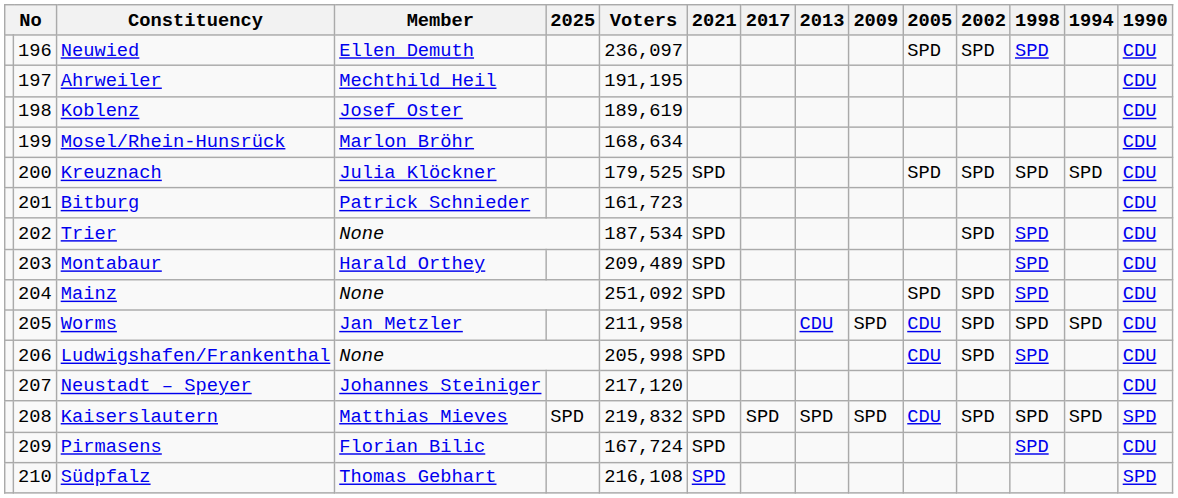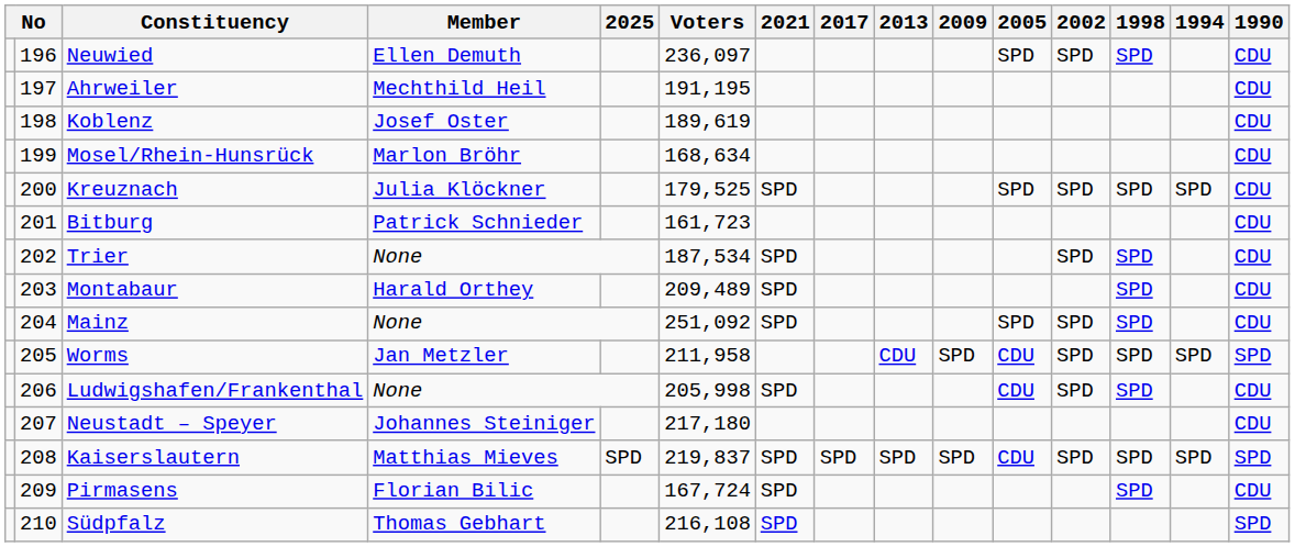 <table class="wikitable sortable">
 <tr>
 <th colspan=2>No</th>
 <th>Constituency</th>
 <th>Member</th>
 <th>2025</th>
 <th>Voters</th>
 <th>2021</th>
 <th>2017</th>
 <th>2013</th>
 <th>2009</th>
 <th>2005</th>
 <th>2002</th>
 <th>1998</th>
 <th>1994</th>
 <th>1990</th>
 </tr>
 <tr>
 <td style="background-color: "></td>
 <td>196</td>
 <td><a href='#'>Neuwied</a></td>
 <td><a href='#'>Ellen Demuth</a></td>
 <td bgcolor=></td>
 <td>236,097</td>
 <td></td>
 <td></td>
 <td></td>
 <td></td>
 <td bgcolor=>SPD</td>
 <td bgcolor=>SPD</td>
 <td><a href='#'>SPD</a></td>
 <td></td>
 <td><a href='#'>CDU</a></td>
 </tr>
 <tr>
 <td style="background-color: "></td>
 <td>197</td>
 <td><a href='#'>Ahrweiler</a></td>
 <td><a href='#'>Mechthild Heil</a></td>
 <td bgcolor=></td>
 <td>191,195</td>
 <td></td>
 <td></td>
 <td></td>
 <td></td>
 <td></td>
 <td></td>
 <td></td>
 <td></td>
 <td><a href='#'>CDU</a></td>
 </tr>
 <tr>
 <td style="background-color: "></td>
 <td>198</td>
 <td><a href='#'>Koblenz</a></td>
 <td><a href='#'>Josef Oster</a></td>
 <td bgcolor=></td>
 <td>189,619</td>
 <td></td>
 <td></td>
 <td></td>
 <td></td>
 <td></td>
 <td></td>
 <td></td>
 <td></td>
 <td><a href='#'>CDU</a></td>
 </tr>
 <tr>
 <td style="background-color: "></td>
 <td>199</td>
 <td><a href='#'>Mosel/Rhein-Hunsrück</a></td>
 <td><a href='#'>Marlon Bröhr</a></td>
 <td bgcolor=></td>
 <td>168,634</td>
 <td></td>
 <td></td>
 <td></td>
 <td></td>
 <td bgcolor=></td>
 <td bgcolor=></td>
 <td bgcolor=></td>
 <td></td>
 <td><a href='#'>CDU</a></td>
 </tr>
 <tr>
 <td style="background-color: "></td>
 <td>200</td>
 <td><a href='#'>Kreuznach</a></td>
 <td><a href='#'>Julia Klöckner</a></td>
 <td></td>
 <td>179,525</td>
 <td bgcolor=>SPD</td>
 <td></td>
 <td></td>
 <td></td>
 <td bgcolor=>SPD</td>
 <td bgcolor=>SPD</td>
 <td bgcolor=>SPD</td>
 <td bgcolor=>SPD</td>
 <td><a href='#'>CDU</a></td>
 </tr>
 <tr>
 <td style="background-color: "></td>
 <td>201</td>
 <td><a href='#'>Bitburg</a></td>
 <td><a href='#'>Patrick Schnieder</a></td>
 <td bgcolor=></td>
 <td>161,723</td>
 <td></td>
 <td></td>
 <td></td>
 <td></td>
 <td bgcolor=></td>
 <td bgcolor=></td>
 <td bgcolor=></td>
 <td></td>
 <td><a href='#'>CDU</a></td>
 </tr>
 <tr>
 <td></td>
 <td>202</td>
 <td><a href='#'>Trier</a></td>
 <td colspan="2"><em>None</em></td>
 <td>187,534</td>
 <td bgcolor=>SPD</td>
 <td></td>
 <td></td>
 <td></td>
 <td></td>
 <td bgcolor=>SPD</td>
 <td><a href='#'>SPD</a></td>
 <td></td>
 <td><a href='#'>CDU</a></td>
 </tr>
 <tr>
 <td style="background-color: "></td>
 <td>203</td>
 <td><a href='#'>Montabaur</a></td>
 <td><a href='#'>Harald Orthey</a></td>
 <td></td>
 <td>209,489</td>
 <td bgcolor=>SPD</td>
 <td></td>
 <td></td>
 <td></td>
 <td></td>
 <td></td>
 <td><a href='#'>SPD</a></td>
 <td></td>
 <td><a href='#'>CDU</a></td>
 </tr>
 <tr>
 <td></td>
 <td>204</td>
 <td><a href='#'>Mainz</a></td>
 <td colspan="2"><em>None</em></td>
 <td>251,092</td>
 <td bgcolor=>SPD</td>
 <td></td>
 <td></td>
 <td></td>
 <td bgcolor=>SPD</td>
 <td bgcolor=>SPD</td>
 <td><a href='#'>SPD</a></td>
 <td></td>
 <td><a href='#'>CDU</a></td>
 </tr>
 <tr>
 <td style="background-color: "></td>
 <td>205</td>
 <td><a href='#'>Worms</a></td>
 <td><a href='#'>Jan Metzler</a></td>
 <td bgcolor=></td>
 <td>211,958</td>
 <td></td>
 <td></td>
 <td><a href='#'>CDU</a></td>
 <td bgcolor=>SPD</td>
 <td><a href='#'>CDU</a></td>
 <td bgcolor=>SPD</td>
 <td bgcolor=>SPD</td>
 <td bgcolor=>SPD</td>
-<td><a href='#'>CDU</a></td>
+<td><a href='#'>SPD</a></td>
 </tr>
 <tr>
 <td></td>
 <td>206</td>
 <td><a href='#'>Ludwigshafen/Frankenthal</a></td>
 <td colspan="2"><em>None</em></td>
 <td>205,998</td>
 <td bgcolor=>SPD</td>
 <td></td>
 <td></td>
 <td></td>
 <td><a href='#'>CDU</a></td>
 <td bgcolor=>SPD</td>
 <td><a href='#'>SPD</a></td>
 <td></td>
 <td><a href='#'>CDU</a></td>
 </tr>
 <tr>
 <td style="background-color: "></td>
 <td>207</td>
 <td><a href='#'>Neustadt – Speyer</a></td>
 <td><a href='#'>Johannes Steiniger</a></td>
 <td bgcolor=></td>
-<td>217,120</td>
+<td>217,180</td>
 <td></td>
 <td></td>
 <td></td>
 <td></td>
 <td></td>
 <td></td>
 <td></td>
 <td></td>
 <td><a href='#'>CDU</a></td>
 </tr>
 <tr>
 <td style="background-color: "></td>
 <td>208</td>
 <td><a href='#'>Kaiserslautern</a></td>
 <td><a href='#'>Matthias Mieves</a></td>
 <td bgcolor=>SPD</td>
-<td>219,832</td>
+<td>219,837</td>
 <td bgcolor=>SPD</td>
 <td bgcolor=>SPD</td>
 <td bgcolor=>SPD</td>
 <td bgcolor=>SPD</td>
 <td><a href='#'>CDU</a></td>
 <td bgcolor=>SPD</td>
 <td bgcolor=>SPD</td>
 <td bgcolor=>SPD</td>
 <td><a href='#'>SPD</a></td>
 </tr>
 <tr>
 <td style="background-color: "></td>
 <td>209</td>
 <td><a href='#'>Pirmasens</a></td>
 <td><a href='#'>Florian Bilic</a></td>
 <td></td>
 <td>167,724</td>
 <td bgcolor=>SPD</td>
 <td></td>
 <td></td>
 <td></td>
 <td></td>
 <td></td>
 <td><a href='#'>SPD</a></td>
 <td></td>
 <td><a href='#'>CDU</a></td>
 </tr>
 <tr>
 <td style="background-color: "></td>
 <td>210</td>
 <td><a href='#'>Südpfalz</a></td>
 <td><a href='#'>Thomas Gebhart</a></td>
 <td></td>
 <td>216,108</td>
 <td><a href='#'>SPD</a></td>
 <td></td>
 <td></td>
 <td></td>
 <td></td>
 <td></td>
 <td></td>
 <td></td>
 <td><a href='#'>SPD</a></td>
 </tr>
 </table>
